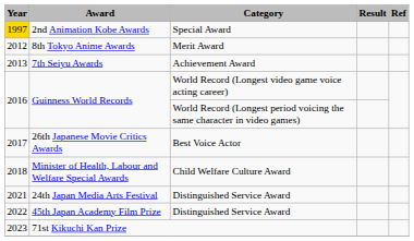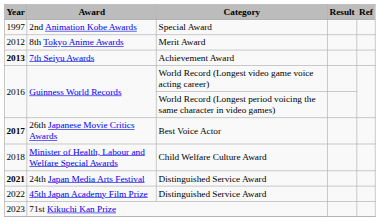 <table class="wikitable" style="font-size:95%;">
 <tr>
 <th style="background-color: #BCBCBC">Year</th>
 <th style="background-color: #BCBCBC">Award</th>
 <th style="background-color: #BCBCBC">Category</th>
 <th style="background-color: #BCBCBC">Result</th>
 <th style="background-color: #BCBCBC">Ref</th>
 </tr>
 <tr>
-<td style="background: gold;">1997</td>
+<td>1997</td>
 <td>2nd <a href='#'>Animation Kobe Awards</a></td>
 <td>Special Award</td>
 <td></td>
 <td></td>
 </tr>
 <tr>
 <td>2012</td>
 <td>8th <a href='#'>Tokyo Anime Awards</a></td>
 <td>Merit Award</td>
 <td></td>
 <td></td>
 </tr>
 <tr>
-<td>2013</td>
+<td><strong>2013</strong></td>
 <td><a href='#'>7th Seiyu Awards</a></td>
 <td>Achievement Award</td>
 <td></td>
 <td></td>
 </tr>
 <tr>
 <td rowspan="2">2016</td>
 <td rowspan="2"><a href='#'>Guinness World Records</a></td>
 <td>World Record (Longest video game voice acting career)</td>
 <td></td>
 <td rowspan="2"></td>
 </tr>
 <tr>
 <td>World Record (Longest period voicing the same character in video games)</td>
 <td></td>
 </tr>
 <tr>
-<td>2017</td>
+<td><strong>2017</strong></td>
 <td>26th <a href='#'>Japanese Movie Critics Awards</a></td>
 <td>Best Voice Actor</td>
 <td></td>
 <td></td>
 </tr>
 <tr>
 <td>2018</td>
 <td><a href='#'>Minister of Health, Labour and Welfare Special Awards</a></td>
 <td>Child Welfare Culture Award</td>
 <td></td>
 <td></td>
 </tr>
 <tr>
-<td>2021</td>
+<td><strong>2021</strong></td>
 <td>24th <a href='#'>Japan Media Arts Festival</a></td>
 <td>Distinguished Service Award</td>
 <td></td>
 <td></td>
 </tr>
 <tr>
 <td>2022</td>
 <td><a href='#'>45th Japan Academy Film Prize</a></td>
 <td>Distinguished Service Award</td>
 <td></td>
 <td></td>
 </tr>
 <tr>
 <td>2023</td>
 <td colspan="2">71st <a href='#'>Kikuchi Kan Prize</a></td>
 <td></td>
 <td></td>
 </tr>
 <tr>
 </tr>
 </table>
